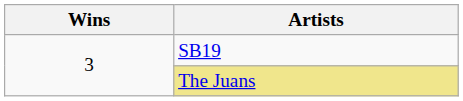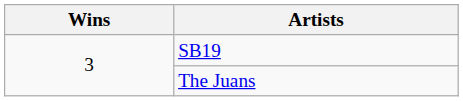 <table class="wikitable"  style="width:30%;">
 <tr>
 <th scope="col">Wins</th>
 <th scope="col">Artists</th>
 </tr>
 <tr>
 <td rowspan="2" align="center">3</td>
 <td><a href='#'>SB19</a></td>
 </tr>
 <tr>
-<td style="background: khaki;"><a href='#'>The Juans</a></td>
+<td><a href='#'>The Juans</a></td>
 </tr>
 </table>
